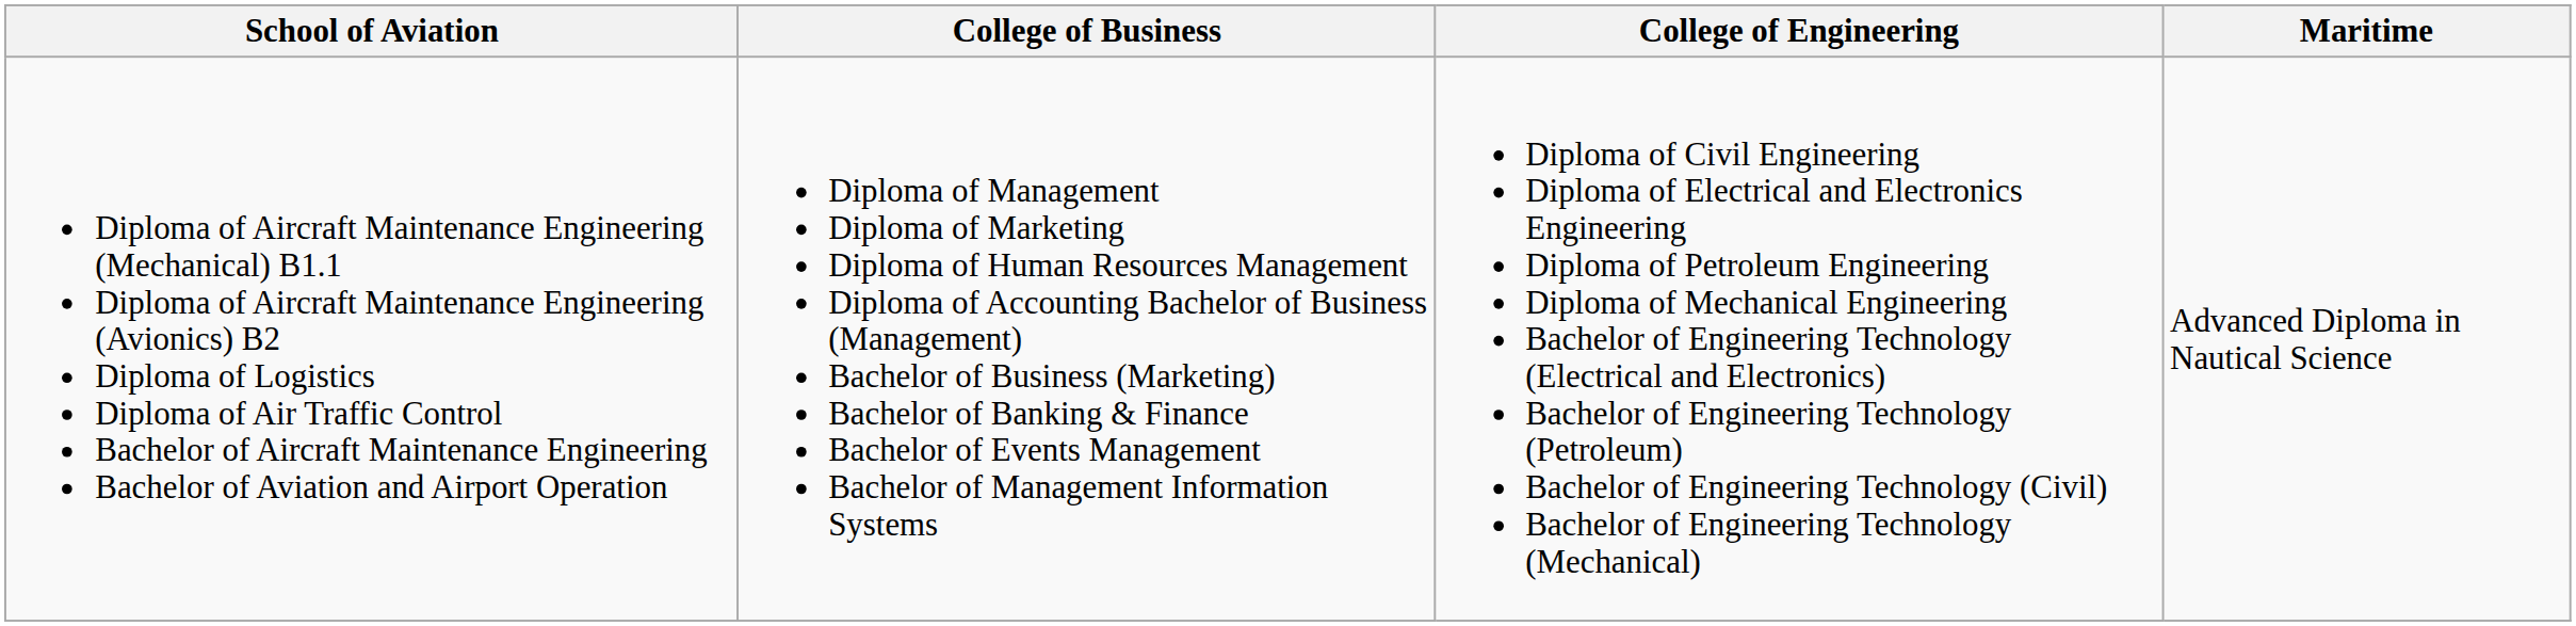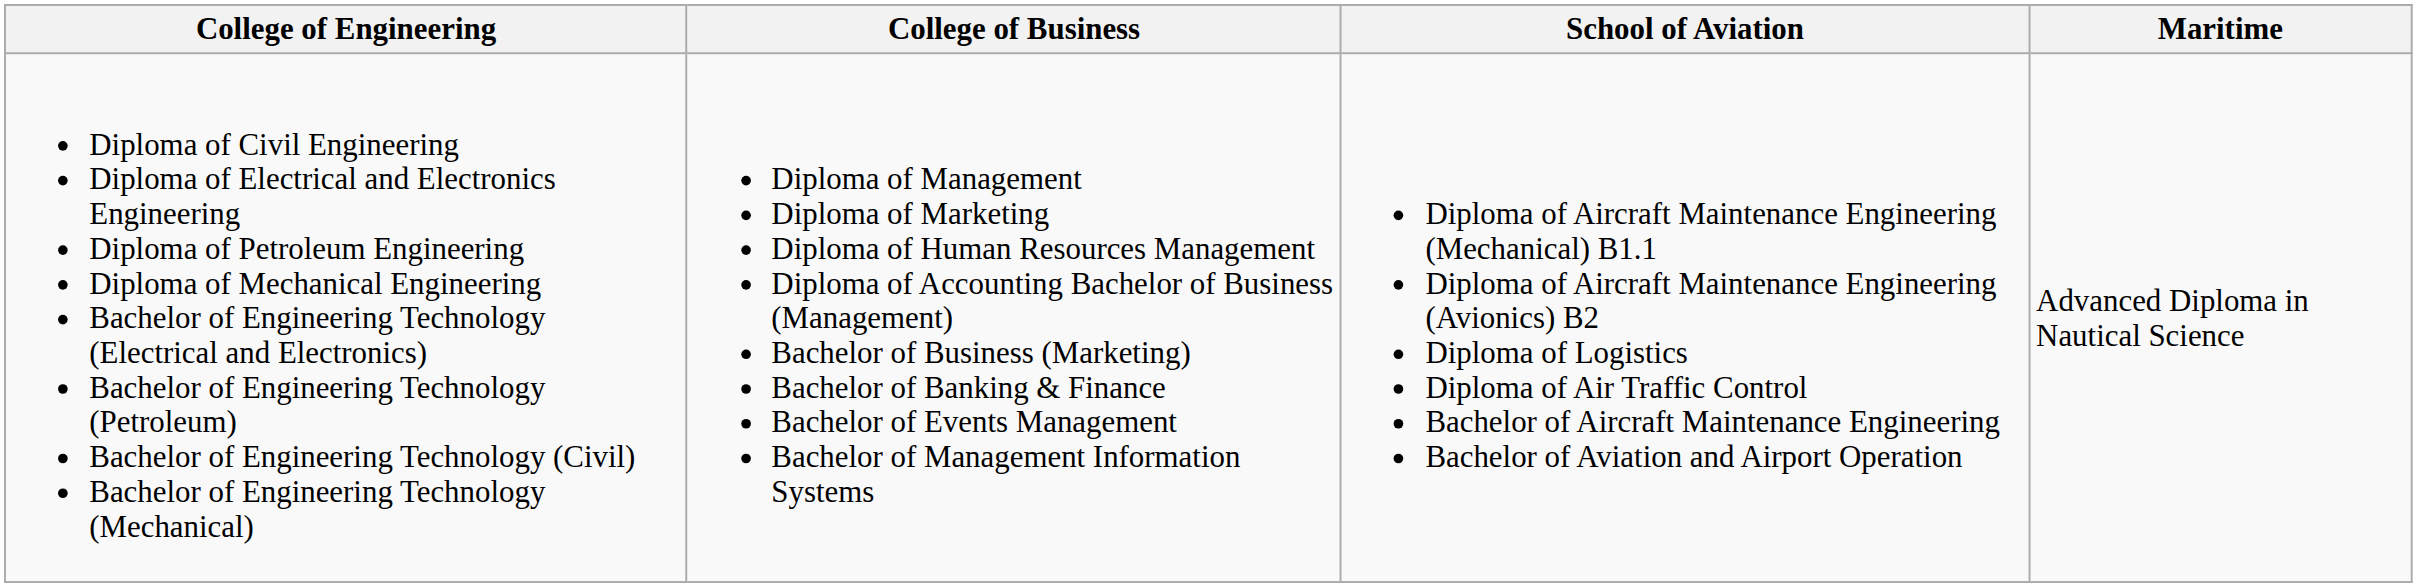 <table class="wikitable">
 <tr>
+<th>College of Engineering</th>
+<th>College of Business</th>
 <th>School of Aviation</th>
-<th>College of Business</th>
-<th>College of Engineering</th>
 <th>Maritime</th>
 </tr>
 <tr>
+<td><br><ul><li>Diploma of Civil Engineering</li><li>Diploma of Electrical and Electronics Engineering</li><li>Diploma of Petroleum Engineering</li><li>Diploma of Mechanical Engineering</li><li>Bachelor of Engineering Technology (Electrical and Electronics)</li><li>Bachelor of Engineering Technology (Petroleum)</li><li>Bachelor of Engineering Technology (Civil)</li><li>Bachelor of Engineering Technology (Mechanical)</li></ul></td>
+<td><br><ul><li>Diploma of Management</li><li>Diploma of Marketing</li><li>Diploma of Human Resources Management</li><li>Diploma of Accounting Bachelor of Business (Management)</li><li>Bachelor of Business (Marketing)</li><li>Bachelor of Banking & Finance</li><li>Bachelor of Events Management</li><li>Bachelor of Management Information Systems</li></ul></td>
 <td><br><ul><li>Diploma of Aircraft Maintenance Engineering (Mechanical) B1.1</li><li>Diploma of Aircraft Maintenance Engineering (Avionics) B2</li><li>Diploma of Logistics</li><li>Diploma of Air Traffic Control</li><li>Bachelor of Aircraft Maintenance Engineering</li><li>Bachelor of Aviation and Airport Operation</li></ul></td>
-<td><br><ul><li>Diploma of Management</li><li>Diploma of Marketing</li><li>Diploma of Human Resources Management</li><li>Diploma of Accounting Bachelor of Business (Management)</li><li>Bachelor of Business (Marketing)</li><li>Bachelor of Banking & Finance</li><li>Bachelor of Events Management</li><li>Bachelor of Management Information Systems</li></ul></td>
-<td><br><ul><li>Diploma of Civil Engineering</li><li>Diploma of Electrical and Electronics Engineering</li><li>Diploma of Petroleum Engineering</li><li>Diploma of Mechanical Engineering</li><li>Bachelor of Engineering Technology (Electrical and Electronics)</li><li>Bachelor of Engineering Technology (Petroleum)</li><li>Bachelor of Engineering Technology (Civil)</li><li>Bachelor of Engineering Technology (Mechanical)</li></ul></td>
 <td>Advanced Diploma in Nautical Science</td>
 </tr>
 </table>
